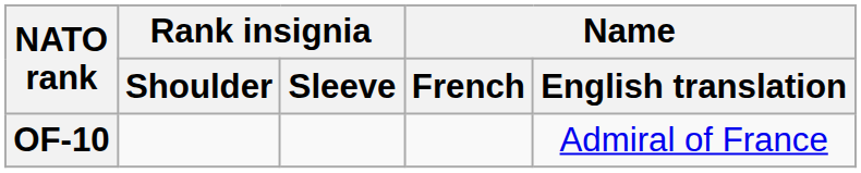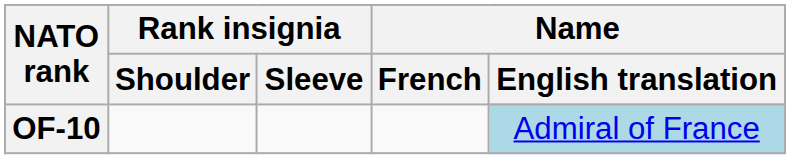 <table class="wikitable plainrowheaders" style="text-align:center;" border="1">
 <tr>
 <th rowspan=2>NATO<br>rank</th>
 <th colspan=2>Rank insignia</th>
 <th colspan=2>Name</th>
 </tr>
 <tr>
 <th>Shoulder</th>
 <th>Sleeve</th>
 <th>French</th>
 <th>English translation</th>
 </tr>
 <tr>
 <th>OF-10</th>
 <td></td>
 <td></td>
 <td></td>
-<td><a href='#'>Admiral of France</a></td>
+<td style="background: lightblue;"><a href='#'>Admiral of France</a></td>
 </tr>
 </table>
